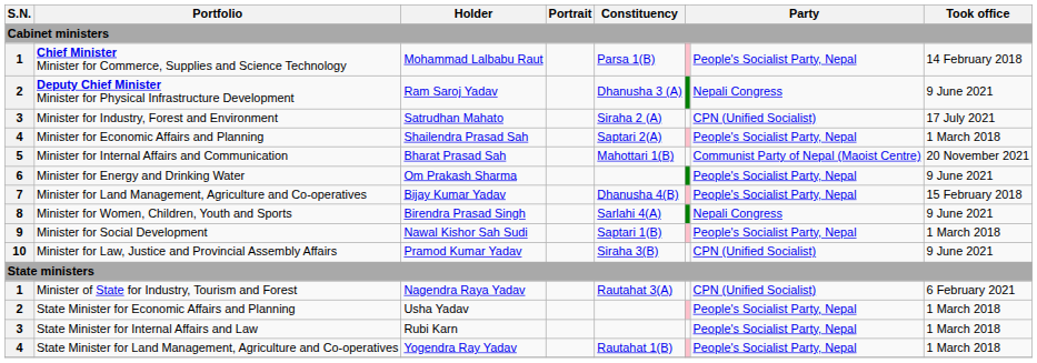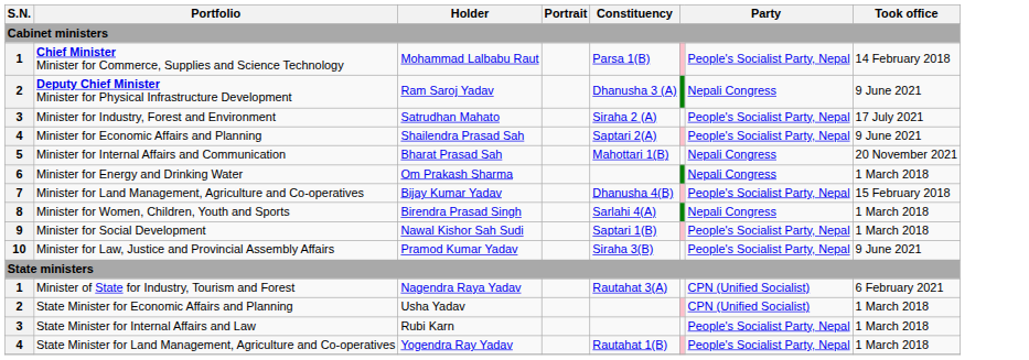 <table class="wikitable">
 <tr>
 <th>S.N.</th>
 <th>Portfolio</th>
 <th>Holder</th>
 <th>Portrait</th>
 <th>Constituency</th>
 <th colspan="2">Party</th>
 <th>Took office</th>
 </tr>
 <tr>
 <td colspan="8" bgcolor="darkgrey"><strong>Cabinet ministers</strong></td>
 </tr>
 <tr>
 <th>1</th>
 <td><strong><a href='#'>Chief Minister</a></strong><br>Minister for Commerce, Supplies and Science Technology</td>
 <td><a href='#'>Mohammad Lalbabu Raut</a></td>
 <td></td>
 <td><a href='#'>Parsa 1(B)</a></td>
 <td bgcolor="FFC0CB"></td>
 <td><a href='#'>People's Socialist Party, Nepal</a></td>
 <td>14 February 2018</td>
 </tr>
 <tr>
 <th>2</th>
 <td><strong><a href='#'>Deputy Chief Minister</a></strong><br>Minister for Physical Infrastructure Development</td>
 <td><a href='#'>Ram Saroj Yadav</a></td>
 <td></td>
 <td><a href='#'>Dhanusha 3 (A)</a></td>
 <td bgcolor="#008000"></td>
 <td><a href='#'>Nepali Congress</a></td>
 <td>9 June 2021</td>
 </tr>
 <tr>
 <th>3</th>
 <td>Minister for Industry, Forest and Environment</td>
 <td><a href='#'>Satrudhan Mahato</a></td>
 <td></td>
 <td><a href='#'>Siraha 2 (A)</a></td>
 <td></td>
-<td><a href='#'>CPN (Unified Socialist)</a></td>
+<td><a href='#'>People's Socialist Party, Nepal</a></td>
 <td>17 July 2021</td>
 </tr>
 <tr>
 <th>4</th>
 <td>Minister for Economic Affairs and Planning</td>
 <td><a href='#'>Shailendra Prasad Sah</a></td>
 <td></td>
 <td><a href='#'>Saptari 2(A)</a></td>
 <td bgcolor="FFC0CB"></td>
 <td><a href='#'>People's Socialist Party, Nepal</a></td>
-<td>1 March 2018</td>
+<td>9 June 2021</td>
 </tr>
 <tr>
 <th>5</th>
 <td>Minister for Internal Affairs and Communication</td>
 <td><a href='#'>Bharat Prasad Sah</a></td>
 <td></td>
 <td><a href='#'>Mahottari 1(B)</a></td>
 <td></td>
-<td><a href='#'>Communist Party of Nepal (Maoist Centre)</a></td>
+<td><a href='#'>Nepali Congress</a></td>
 <td>20 November 2021</td>
 </tr>
 <tr>
 <th>6</th>
 <td>Minister for Energy and Drinking Water</td>
 <td><a href='#'>Om Prakash Sharma</a></td>
 <td></td>
 <td></td>
 <td bgcolor="#008000"></td>
-<td><a href='#'>People's Socialist Party, Nepal</a></td>
-<td>9 June 2021</td>
+<td><a href='#'>Nepali Congress</a></td>
+<td>1 March 2018</td>
 </tr>
 <tr>
 <th>7</th>
 <td>Minister for Land Management, Agriculture and Co-operatives</td>
 <td><a href='#'>Bijay Kumar Yadav</a></td>
 <td></td>
 <td><a href='#'>Dhanusha 4(B)</a></td>
 <td bgcolor="FFC0CB"></td>
 <td><a href='#'>People's Socialist Party, Nepal</a></td>
 <td>15 February 2018</td>
 </tr>
 <tr>
 <th>8</th>
 <td>Minister for Women, Children, Youth and Sports</td>
 <td><a href='#'>Birendra Prasad Singh</a></td>
 <td></td>
 <td><a href='#'>Sarlahi 4(A)</a></td>
 <td bgcolor="#008000"></td>
 <td><a href='#'>Nepali Congress</a></td>
-<td>9 June 2021</td>
+<td>1 March 2018</td>
 </tr>
 <tr>
 <th>9</th>
 <td>Minister for Social Development</td>
 <td><a href='#'>Nawal Kishor Sah Sudi</a></td>
 <td></td>
 <td><a href='#'>Saptari 1(B)</a></td>
 <td bgcolor="FFC0CB"></td>
 <td><a href='#'>People's Socialist Party, Nepal</a></td>
 <td>1 March 2018</td>
 </tr>
 <tr>
 <th>10</th>
 <td>Minister for Law, Justice and Provincial Assembly Affairs</td>
 <td><a href='#'>Pramod Kumar Yadav</a></td>
 <td></td>
 <td><a href='#'>Siraha 3(B)</a></td>
 <td></td>
-<td><a href='#'>CPN (Unified Socialist)</a></td>
+<td><a href='#'>People's Socialist Party, Nepal</a></td>
 <td>9 June 2021</td>
 </tr>
 <tr>
 <td colspan="8" bgcolor="darkgrey"><strong>State ministers</strong></td>
 </tr>
 <tr>
 <th>1</th>
 <td>Minister of <a href='#'>State</a> for Industry, Tourism and Forest</td>
 <td><a href='#'>Nagendra Raya Yadav</a></td>
 <td></td>
 <td><a href='#'>Rautahat 3(A)</a></td>
 <td></td>
 <td><a href='#'>CPN (Unified Socialist)</a></td>
 <td>6 February 2021</td>
 </tr>
 <tr>
 <th>2</th>
 <td>State Minister for Economic Affairs and Planning</td>
 <td>Usha Yadav</td>
 <td></td>
 <td></td>
 <td bgcolor="FFC0CB"></td>
-<td><a href='#'>People's Socialist Party, Nepal</a></td>
+<td><a href='#'>CPN (Unified Socialist)</a></td>
 <td>1 March 2018</td>
 </tr>
 <tr>
 <th>3</th>
 <td>State Minister for Internal Affairs and Law</td>
 <td>Rubi Karn</td>
 <td></td>
 <td></td>
 <td></td>
 <td><a href='#'>People's Socialist Party, Nepal</a></td>
 <td>1 March 2018</td>
 </tr>
 <tr>
 <th>4</th>
 <td>State Minister for Land Management, Agriculture and Co-operatives</td>
 <td><a href='#'>Yogendra Ray Yadav</a></td>
 <td></td>
 <td><a href='#'>Rautahat 1(B)</a></td>
 <td bgcolor="FFC0CB"></td>
 <td><a href='#'>People's Socialist Party, Nepal</a></td>
 <td>1 March 2018</td>
 </tr>
 <tr>
 </tr>
 </table>
